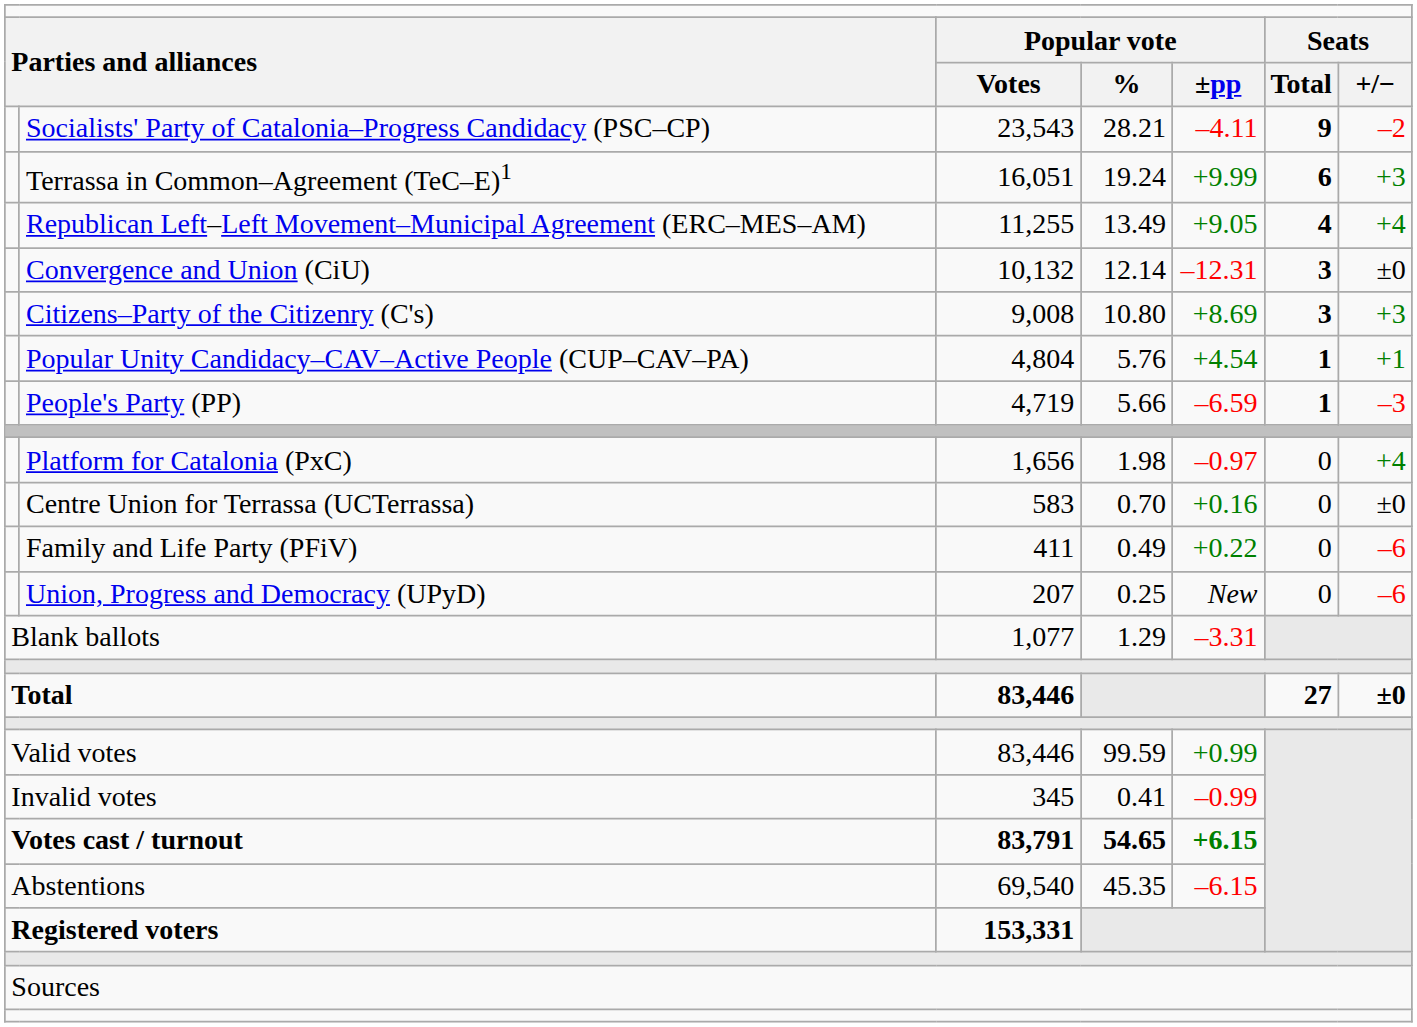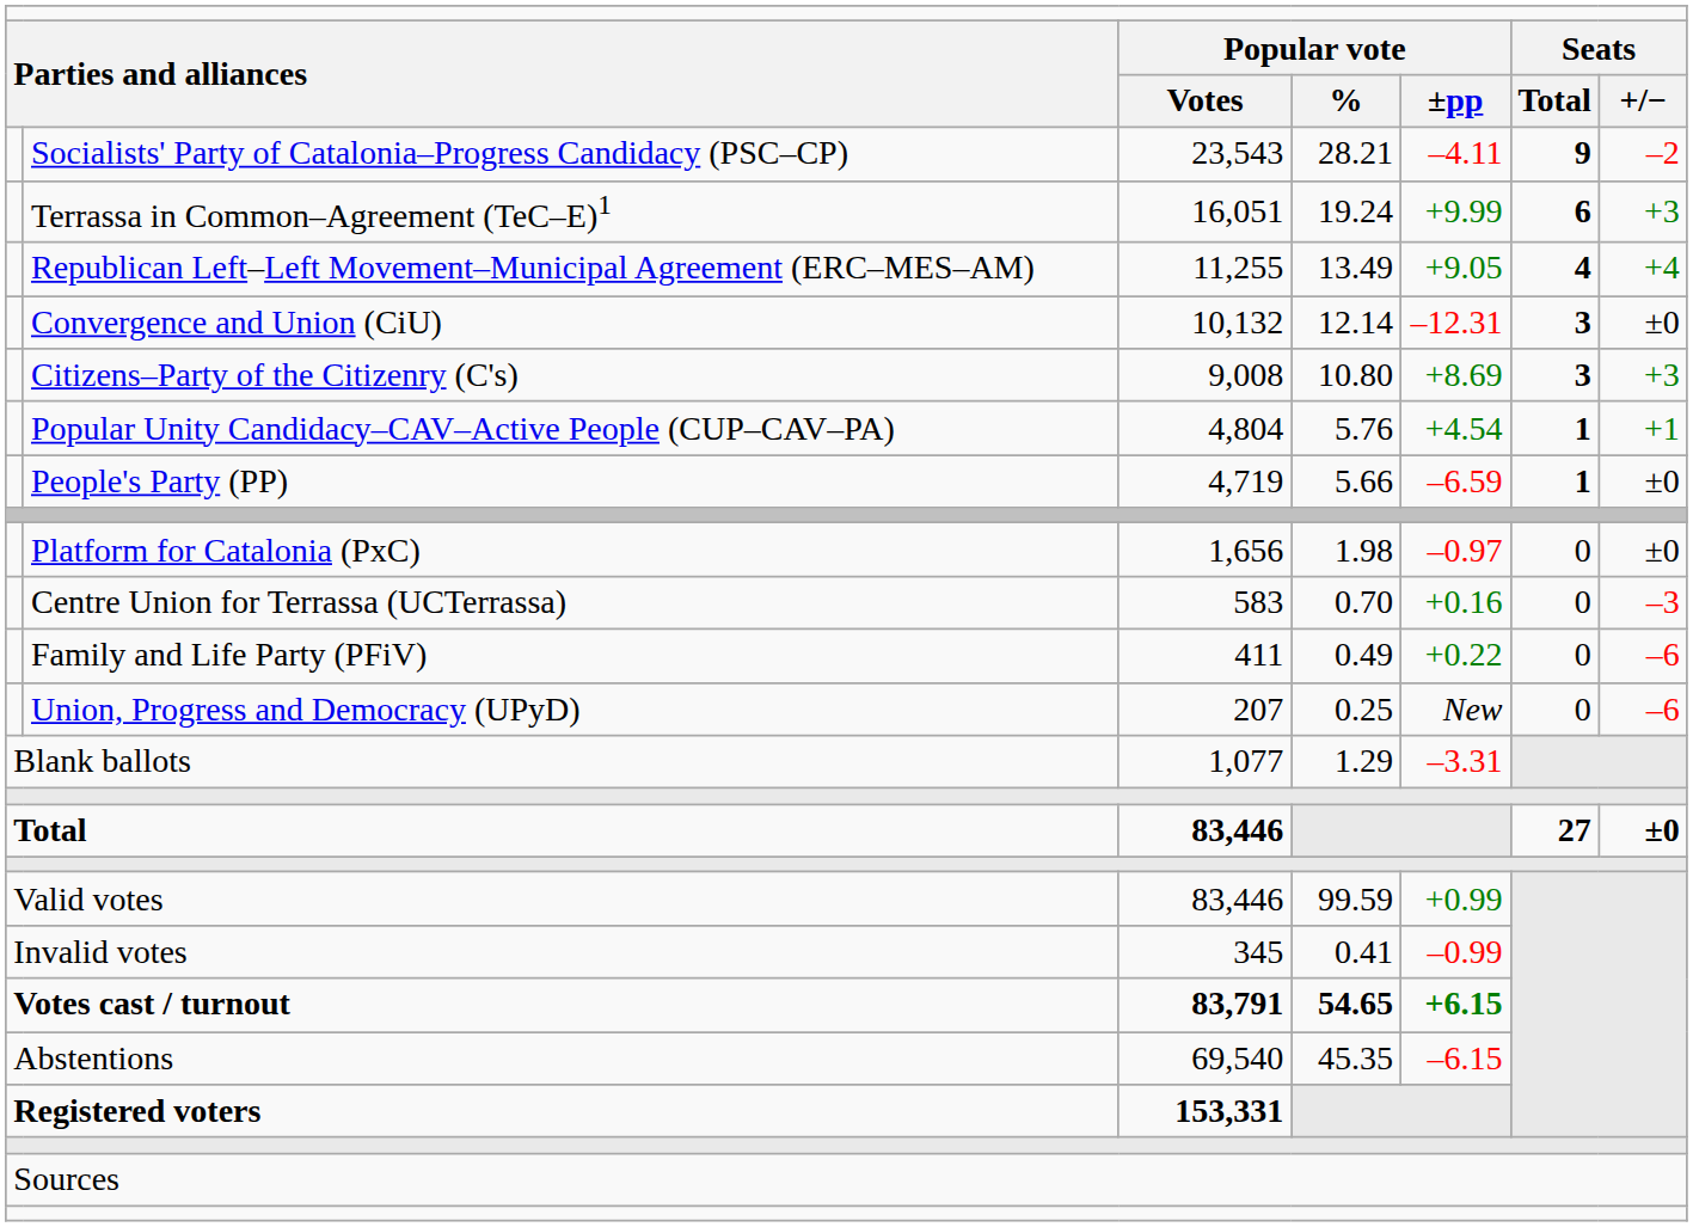 <table class="wikitable" style="text-align:right;">
 <tr>
 <td colspan="7"></td>
 </tr>
 <tr>
 <th style="text-align:left;" rowspan="2" colspan="2" width="525">Parties and alliances</th>
 <th colspan="3">Popular vote</th>
 <th colspan="2">Seats</th>
 </tr>
 <tr>
 <th width="75">Votes</th>
 <th width="45">%</th>
 <th width="45">±<a href='#'>pp</a></th>
 <th width="35">Total</th>
 <th width="35">+/−</th>
 </tr>
 <tr>
 <td width="1" style="color:inherit;background:"></td>
 <td align="left"><a href='#'>Socialists' Party of Catalonia–Progress Candidacy</a> (PSC–CP)</td>
 <td>23,543</td>
 <td>28.21</td>
 <td style="color:red;">–4.11</td>
 <td><strong>9</strong></td>
 <td style="color:red;">–2</td>
 </tr>
 <tr>
 <td style="color:inherit;background:"></td>
 <td align="left">Terrassa in Common–Agreement (TeC–E)<sup>1</sup></td>
 <td>16,051</td>
 <td>19.24</td>
 <td style="color:green;">+9.99</td>
 <td><strong>6</strong></td>
 <td style="color:green;">+3</td>
 </tr>
 <tr>
 <td style="color:inherit;background:"></td>
 <td align="left"><a href='#'>Republican Left</a>–<a href='#'>Left Movement–Municipal Agreement</a> (ERC–MES–AM)</td>
 <td>11,255</td>
 <td>13.49</td>
 <td style="color:green;">+9.05</td>
 <td><strong>4</strong></td>
 <td style="color:green;">+4</td>
 </tr>
 <tr>
 <td style="color:inherit;background:"></td>
 <td align="left"><a href='#'>Convergence and Union</a> (CiU)</td>
 <td>10,132</td>
 <td>12.14</td>
 <td style="color:red;">–12.31</td>
 <td><strong>3</strong></td>
 <td>±0</td>
 </tr>
 <tr>
 <td style="color:inherit;background:"></td>
 <td align="left"><a href='#'>Citizens–Party of the Citizenry</a> (C's)</td>
 <td>9,008</td>
 <td>10.80</td>
 <td style="color:green;">+8.69</td>
 <td><strong>3</strong></td>
 <td style="color:green;">+3</td>
 </tr>
 <tr>
 <td style="color:inherit;background:"></td>
 <td align="left"><a href='#'>Popular Unity Candidacy–CAV–Active People</a> (CUP–CAV–PA)</td>
 <td>4,804</td>
 <td>5.76</td>
 <td style="color:green;">+4.54</td>
 <td><strong>1</strong></td>
 <td style="color:green;">+1</td>
 </tr>
 <tr>
 <td style="color:inherit;background:"></td>
 <td align="left"><a href='#'>People's Party</a> (PP)</td>
 <td>4,719</td>
 <td>5.66</td>
 <td style="color:red;">–6.59</td>
 <td><strong>1</strong></td>
-<td style="color:red;">–3</td>
+<td>±0</td>
 </tr>
 <tr>
 <td colspan="7" style="color:inherit;background:#C0C0C0"></td>
 </tr>
 <tr>
 <td style="color:inherit;background:"></td>
 <td align="left"><a href='#'>Platform for Catalonia</a> (PxC)</td>
 <td>1,656</td>
 <td>1.98</td>
 <td style="color:red;">–0.97</td>
 <td>0</td>
-<td style="color:green;">+4</td>
+<td>±0</td>
 </tr>
 <tr>
 <td style="color:inherit;background:"></td>
 <td align="left">Centre Union for Terrassa (UCTerrassa)</td>
 <td>583</td>
 <td>0.70</td>
 <td style="color:green;">+0.16</td>
 <td>0</td>
-<td>±0</td>
+<td style="color:red;">–3</td>
 </tr>
 <tr>
 <td style="color:inherit;background:"></td>
 <td align="left">Family and Life Party (PFiV)</td>
 <td>411</td>
 <td>0.49</td>
 <td style="color:green;">+0.22</td>
 <td>0</td>
 <td style="color:red;">–6</td>
 </tr>
 <tr>
 <td style="color:inherit;background:"></td>
 <td align="left"><a href='#'>Union, Progress and Democracy</a> (UPyD)</td>
 <td>207</td>
 <td>0.25</td>
 <td><em>New</em></td>
 <td>0</td>
 <td style="color:red;">–6</td>
 </tr>
 <tr>
 <td align="left" colspan="2">Blank ballots</td>
 <td>1,077</td>
 <td>1.29</td>
 <td style="color:red;">–3.31</td>
 <td style="color:inherit;background:#E9E9E9" colspan="2"></td>
 </tr>
 <tr>
 <td colspan="7" style="color:inherit;background:#E9E9E9"></td>
 </tr>
 <tr style="font-weight:bold;">
 <td align="left" colspan="2">Total</td>
 <td>83,446</td>
 <td bgcolor="#E9E9E9" colspan="2"></td>
 <td>27</td>
 <td>±0</td>
 </tr>
 <tr>
 <td colspan="7" style="color:inherit;background:#E9E9E9"></td>
 </tr>
 <tr>
 <td align="left" colspan="2">Valid votes</td>
 <td>83,446</td>
 <td>99.59</td>
 <td style="color:green;">+0.99</td>
 <td bgcolor="#E9E9E9" colspan="2" rowspan="5"></td>
 </tr>
 <tr>
 <td align="left" colspan="2">Invalid votes</td>
 <td>345</td>
 <td>0.41</td>
 <td style="color:red;">–0.99</td>
 </tr>
 <tr style="font-weight:bold;">
 <td align="left" colspan="2">Votes cast / turnout</td>
 <td>83,791</td>
 <td>54.65</td>
 <td style="color:green;">+6.15</td>
 </tr>
 <tr>
 <td align="left" colspan="2">Abstentions</td>
 <td>69,540</td>
 <td>45.35</td>
 <td style="color:red;">–6.15</td>
 </tr>
 <tr style="font-weight:bold;">
 <td align="left" colspan="2">Registered voters</td>
 <td>153,331</td>
 <td bgcolor="#E9E9E9" colspan="2"></td>
 </tr>
 <tr>
 <td colspan="7" style="color:inherit;background:#E9E9E9"></td>
 </tr>
 <tr>
 <td align="left" colspan="7">Sources</td>
 </tr>
 <tr>
 <td colspan="7" style="text-align:left; max-width:790px;"></td>
 </tr>
 </table>
